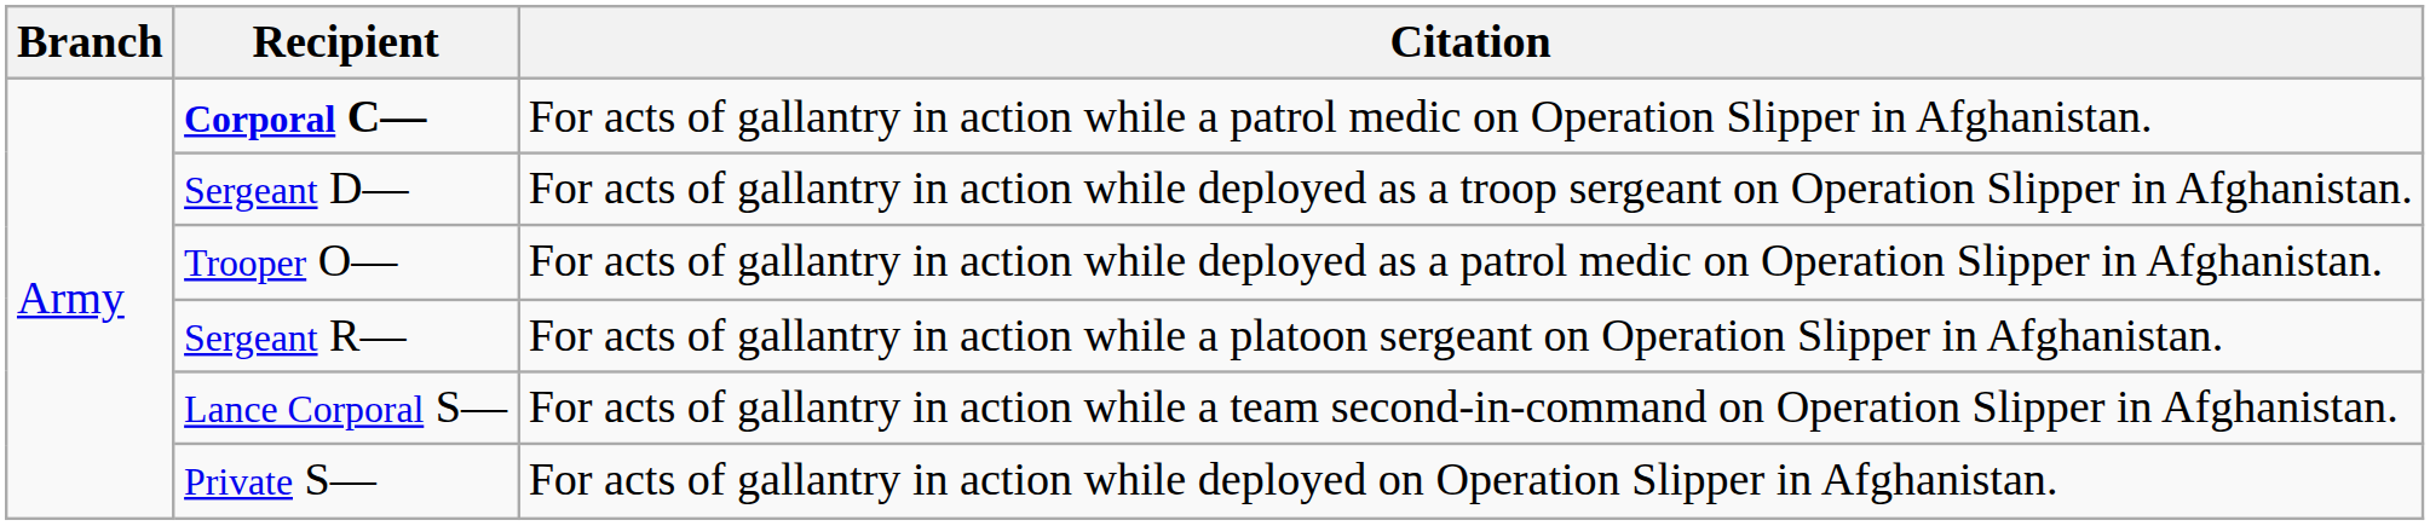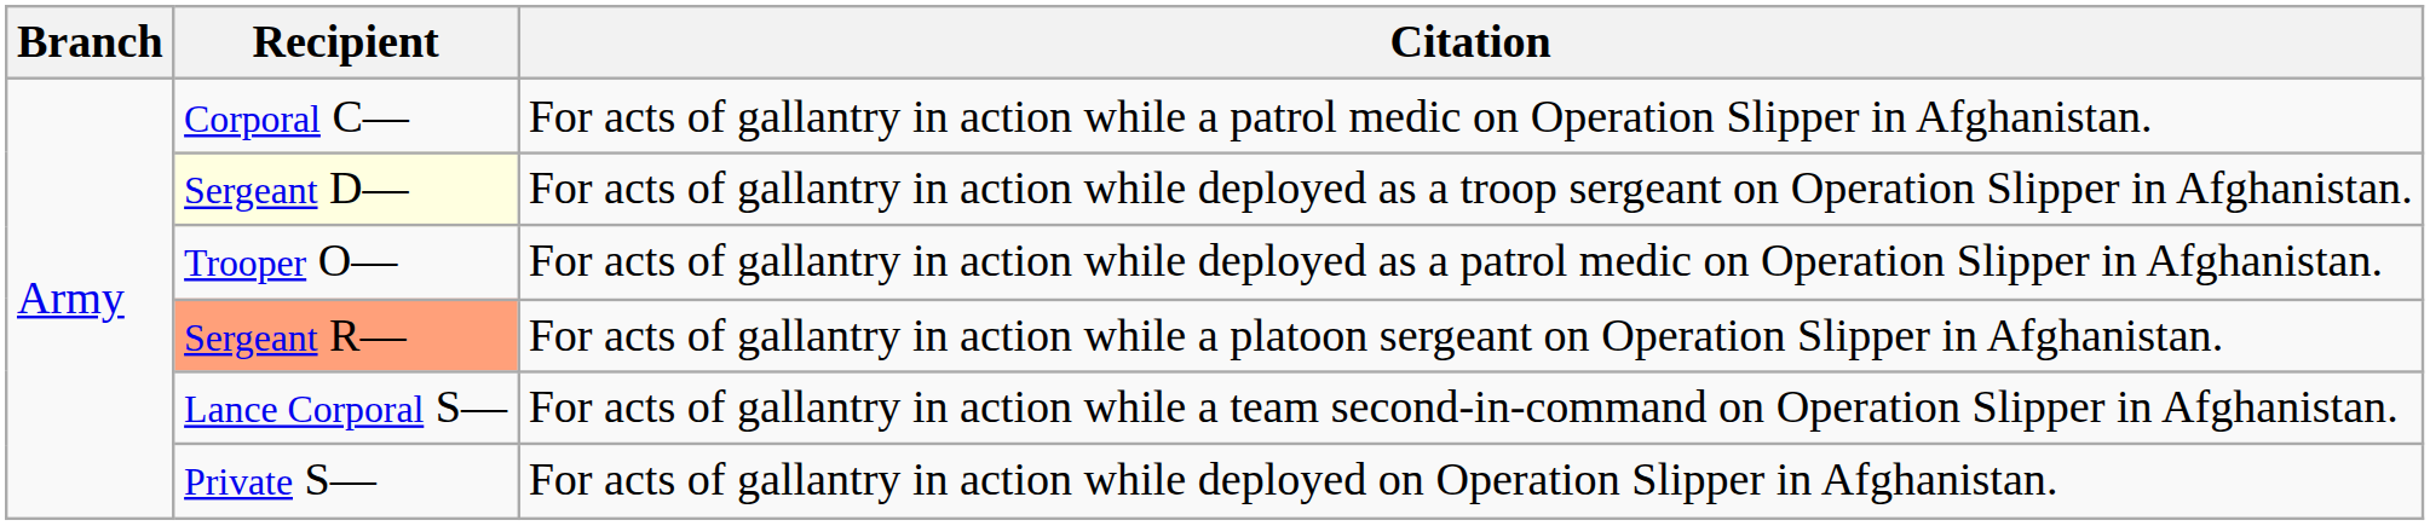 <table class=wikitable>
 <tr>
 <th>Branch</th>
 <th>Recipient</th>
 <th>Citation</th>
 </tr>
 <tr>
 <td rowspan="6"><a href='#'>Army</a></td>
-<td><strong><small><a href='#'>Corporal</a></small> C—</strong></td>
+<td><small><a href='#'>Corporal</a></small> C—</td>
 <td>For acts of gallantry in action while a patrol medic on Operation Slipper in Afghanistan.</td>
 </tr>
 <tr>
-<td><small><a href='#'>Sergeant</a></small> D—</td>
+<td style="background: lightyellow;"><small><a href='#'>Sergeant</a></small> D—</td>
 <td>For acts of gallantry in action while deployed as a troop sergeant on Operation Slipper in Afghanistan.</td>
 </tr>
 <tr>
 <td><small><a href='#'>Trooper</a></small> O—</td>
 <td>For acts of gallantry in action while deployed as a patrol medic on Operation Slipper in Afghanistan.</td>
 </tr>
 <tr>
-<td><small><a href='#'>Sergeant</a></small> R—</td>
+<td style="background: lightsalmon;"><small><a href='#'>Sergeant</a></small> R—</td>
 <td>For acts of gallantry in action while a platoon sergeant on Operation Slipper in Afghanistan.</td>
 </tr>
 <tr>
 <td><small><a href='#'>Lance Corporal</a></small> S—</td>
 <td>For acts of gallantry in action while a team second-in-command on Operation Slipper in Afghanistan.</td>
 </tr>
 <tr>
 <td><small><a href='#'>Private</a></small> S—</td>
 <td>For acts of gallantry in action while deployed on Operation Slipper in Afghanistan.</td>
 </tr>
 </table>
